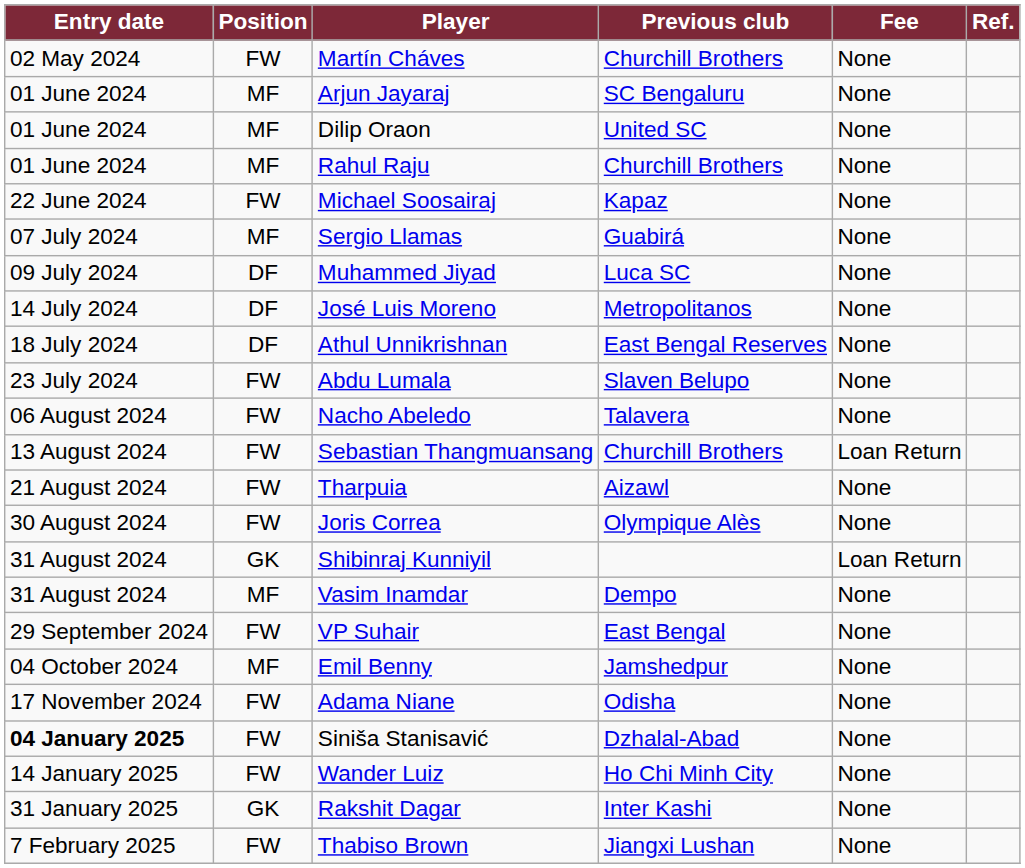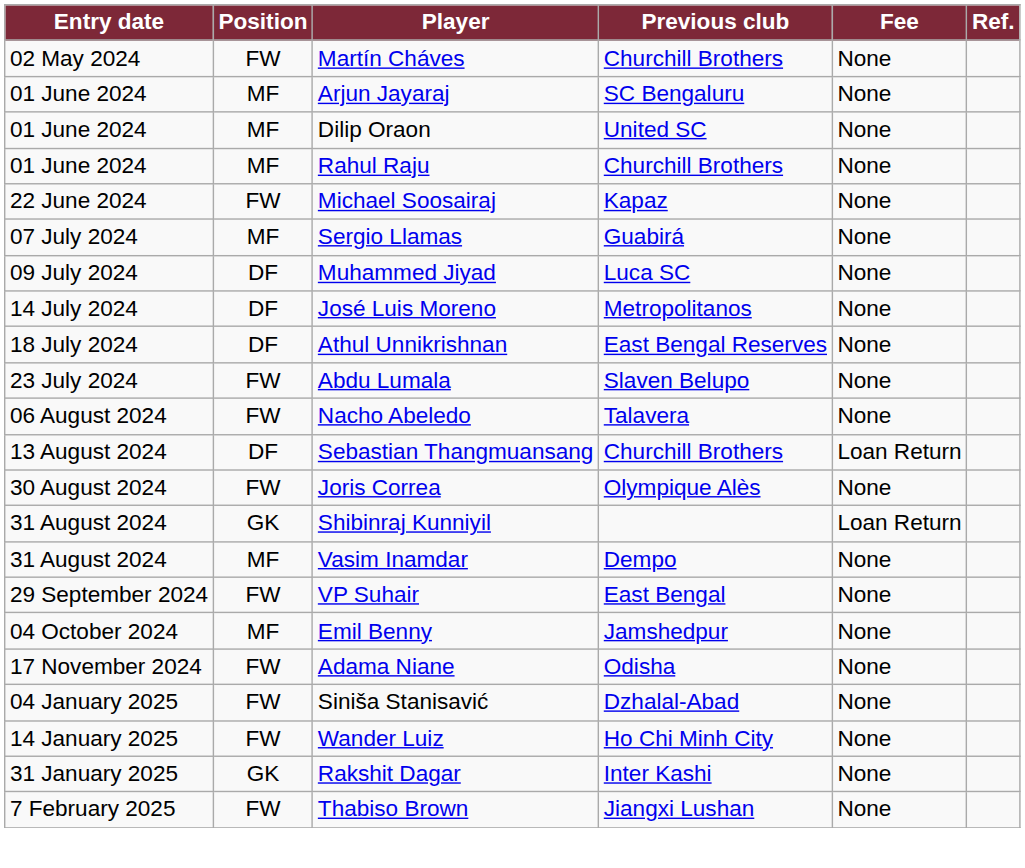 <table class="wikitable sortable">
 <tr>
 <th style="background:#7D2838; color:#FFFFFF;"><strong>Entry date</strong></th>
 <th style="background:#7D2838; color:white;"><strong>Position</strong></th>
 <th style="background:#7D2838; color:white;"><strong>Player</strong></th>
 <th style="background:#7D2838; color:white;"><strong>Previous club</strong></th>
 <th style="background:#7D2838; color:white;"><strong>Fee</strong></th>
 <th style="background:#7D2838; color:white;"><strong>Ref.</strong></th>
 </tr>
 <tr>
 <td>02 May 2024</td>
 <td style="text-align:center;">FW</td>
 <td style="text-align:left;"> <a href='#'>Martín Cháves</a></td>
 <td style="text-align:left;"> <a href='#'>Churchill Brothers</a></td>
 <td>None</td>
 <td></td>
 </tr>
 <tr>
 <td>01 June 2024</td>
 <td style="text-align:center;">MF</td>
 <td style="text-align:left;"> <a href='#'>Arjun Jayaraj</a></td>
 <td style="text-align:left;"> <a href='#'>SC Bengaluru</a></td>
 <td>None</td>
 <td></td>
 </tr>
 <tr>
 <td>01 June 2024</td>
 <td style="text-align:center;">MF</td>
 <td style="text-align:left;"> Dilip Oraon</td>
 <td style="text-align:left;"> <a href='#'>United SC</a></td>
 <td>None</td>
 <td></td>
 </tr>
 <tr>
 <td>01 June 2024</td>
 <td style="text-align:center;">MF</td>
 <td style="text-align:left;"> <a href='#'>Rahul Raju</a></td>
 <td style="text-align:left;"> <a href='#'>Churchill Brothers</a></td>
 <td>None</td>
 <td></td>
 </tr>
 <tr>
 <td>22 June 2024</td>
 <td style="text-align:center;">FW</td>
 <td style="text-align:left;"> <a href='#'>Michael Soosairaj</a></td>
 <td style="text-align:left;"> <a href='#'>Kapaz</a></td>
 <td>None</td>
 <td></td>
 </tr>
 <tr>
 <td>07 July 2024</td>
 <td style="text-align:center;">MF</td>
 <td style="text-align:left;"> <a href='#'>Sergio Llamas</a></td>
 <td style="text-align:left;"> <a href='#'>Guabirá</a></td>
 <td>None</td>
 <td></td>
 </tr>
 <tr>
 <td>09 July 2024</td>
 <td style="text-align:center;">DF</td>
 <td style="text-align:left;"> <a href='#'>Muhammed Jiyad</a></td>
 <td style="text-align:left;"> <a href='#'>Luca SC</a></td>
 <td>None</td>
 <td></td>
 </tr>
 <tr>
 <td>14 July 2024</td>
 <td style="text-align:center;">DF</td>
 <td style="text-align:left;"> <a href='#'>José Luis Moreno</a></td>
 <td style="text-align:left;"> <a href='#'>Metropolitanos</a></td>
 <td>None</td>
 <td></td>
 </tr>
 <tr>
 <td>18 July 2024</td>
 <td style="text-align:center;">DF</td>
 <td style="text-align:left;"> <a href='#'>Athul Unnikrishnan</a></td>
 <td style="text-align:left;"> <a href='#'>East Bengal Reserves</a></td>
 <td>None</td>
 <td></td>
 </tr>
 <tr>
 <td>23 July 2024</td>
 <td style="text-align:center;">FW</td>
 <td style="text-align:left;"> <a href='#'>Abdu Lumala</a></td>
 <td style="text-align:left;"> <a href='#'>Slaven Belupo</a></td>
 <td>None</td>
 <td></td>
 </tr>
 <tr>
 <td>06 August 2024</td>
 <td style="text-align:center;">FW</td>
 <td style="text-align:left;"> <a href='#'>Nacho Abeledo </a></td>
 <td style="text-align:left;"> <a href='#'>Talavera</a></td>
 <td>None</td>
 <td></td>
 </tr>
 <tr>
 <td>13 August 2024</td>
-<td style="text-align:center;">FW</td>
+<td style="text-align:center;">DF</td>
 <td style="text-align:left;"> <a href='#'>Sebastian Thangmuansang</a></td>
 <td style="text-align:left;"> <a href='#'>Churchill Brothers</a></td>
 <td>Loan Return</td>
-<td></td>
-</tr>
-<tr>
-<td>21 August 2024</td>
-<td style="text-align:center;">FW</td>
-<td style="text-align:left;"> <a href='#'>Tharpuia</a></td>
-<td style="text-align:left;"> <a href='#'>Aizawl</a></td>
-<td>None</td>
 <td></td>
 </tr>
 <tr>
 <td>30 August 2024</td>
 <td style="text-align:center;">FW</td>
 <td style="text-align:left;"> <a href='#'>Joris Correa</a></td>
 <td style="text-align:left;"> <a href='#'>Olympique Alès</a></td>
 <td>None</td>
 <td></td>
 </tr>
 <tr>
 <td>31 August 2024</td>
 <td style="text-align:center;">GK</td>
 <td style="text-align:left;"> <a href='#'>Shibinraj Kunniyil</a></td>
 <td style="text-align:left;"></td>
 <td>Loan Return</td>
 <td></td>
 </tr>
 <tr>
 <td>31 August 2024</td>
 <td style="text-align:center;">MF</td>
 <td style="text-align:left;"> <a href='#'>Vasim Inamdar</a></td>
 <td style="text-align:left;"> <a href='#'>Dempo</a></td>
 <td>None</td>
 <td></td>
 </tr>
 <tr>
 <td>29 September 2024</td>
 <td style="text-align:center;">FW</td>
 <td style="text-align:left;"> <a href='#'>VP Suhair</a></td>
 <td style="text-align:left;"> <a href='#'>East Bengal</a></td>
 <td>None</td>
 <td></td>
 </tr>
 <tr>
 <td>04 October 2024</td>
 <td style="text-align:center;">MF</td>
 <td style="text-align:left;"> <a href='#'>Emil Benny</a></td>
 <td style="text-align:left;"> <a href='#'>Jamshedpur</a></td>
 <td>None</td>
 <td></td>
 </tr>
 <tr>
 <td>17 November 2024</td>
 <td style="text-align:center;">FW</td>
 <td style="text-align:left;"> <a href='#'>Adama Niane</a></td>
 <td style="text-align:left;"> <a href='#'>Odisha</a></td>
 <td>None</td>
 <td></td>
 </tr>
 <tr>
-<td><strong>04 January 2025</strong></td>
+<td>04 January 2025</td>
 <td style="text-align:center;">FW</td>
 <td style="text-align:left;"> Siniša Stanisavić</td>
 <td style="text-align:left;"> <a href='#'>Dzhalal-Abad</a></td>
 <td>None</td>
 <td></td>
 </tr>
 <tr>
 <td>14 January 2025</td>
 <td style="text-align:center;">FW</td>
 <td style="text-align:left;"> <a href='#'>Wander Luiz</a></td>
 <td style="text-align:left;"> <a href='#'>Ho Chi Minh City</a></td>
 <td>None</td>
 <td></td>
 </tr>
 <tr>
 <td>31 January 2025</td>
 <td style="text-align:center;">GK</td>
 <td style="text-align:left;"> <a href='#'>Rakshit Dagar</a></td>
 <td style="text-align:left;"> <a href='#'>Inter Kashi</a></td>
 <td>None</td>
 <td></td>
 </tr>
 <tr>
 <td>7 February 2025</td>
 <td style="text-align:center;">FW</td>
 <td style="text-align:left;"> <a href='#'>Thabiso Brown</a></td>
 <td style="text-align:left;"> <a href='#'>Jiangxi Lushan</a></td>
 <td>None</td>
 <td></td>
 </tr>
 <tr>
 </tr>
 </table>
